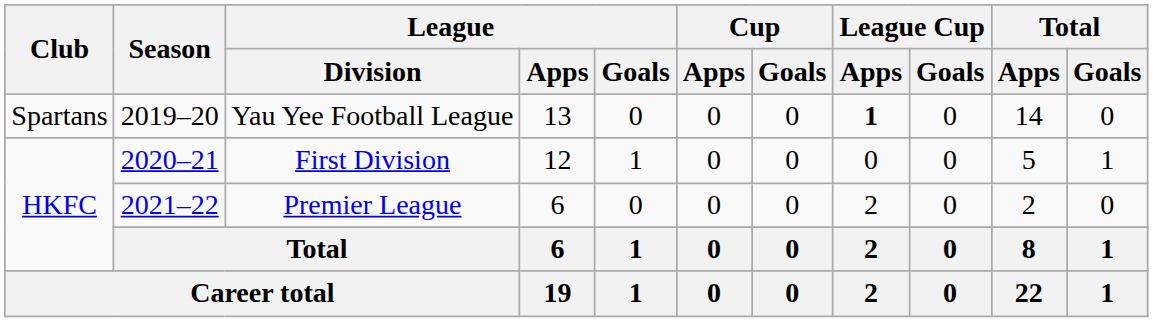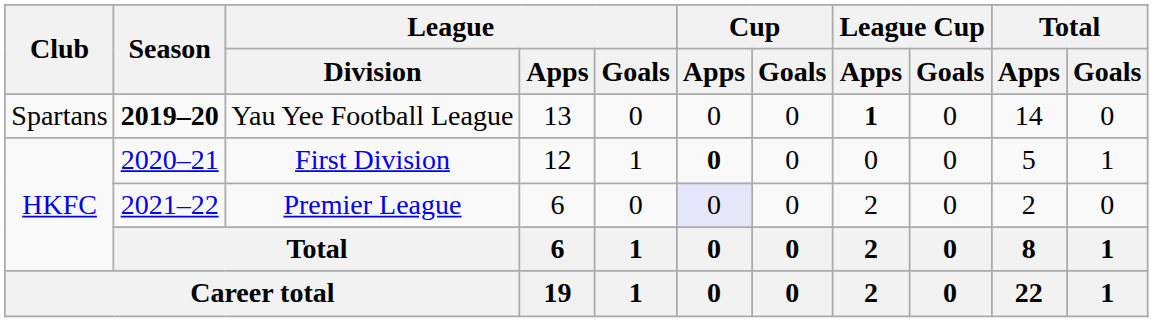 <table class="wikitable" style="text-align: center">
 <tr>
 <th rowspan="2">Club</th>
 <th rowspan="2">Season</th>
 <th colspan="3">League</th>
 <th colspan="2">Cup</th>
 <th colspan="2">League Cup</th>
 <th colspan="2">Total</th>
 </tr>
 <tr>
 <th>Division</th>
 <th>Apps</th>
 <th>Goals</th>
 <th>Apps</th>
 <th>Goals</th>
 <th>Apps</th>
 <th>Goals</th>
 <th>Apps</th>
 <th>Goals</th>
 </tr>
 <tr>
 <td>Spartans</td>
-<td>2019–20</td>
+<td><strong>2019–20</strong></td>
 <td>Yau Yee Football League</td>
 <td>13</td>
 <td>0</td>
 <td>0</td>
 <td>0</td>
 <td><strong>1</strong></td>
 <td>0</td>
 <td>14</td>
 <td>0</td>
 </tr>
 <tr>
 <td rowspan="3"><a href='#'>HKFC</a></td>
 <td><a href='#'>2020–21</a></td>
 <td><a href='#'>First Division</a></td>
 <td>12</td>
 <td>1</td>
-<td>0</td>
+<td><strong>0</strong></td>
 <td>0</td>
 <td>0</td>
 <td>0</td>
 <td>5</td>
 <td>1</td>
 </tr>
 <tr>
 <td><a href='#'>2021–22</a></td>
 <td><a href='#'>Premier League</a></td>
 <td>6</td>
 <td>0</td>
-<td>0</td>
+<td style="background: lavender;">0</td>
 <td>0</td>
 <td>2</td>
 <td>0</td>
 <td>2</td>
 <td>0</td>
 </tr>
 <tr>
 <th colspan="2">Total</th>
 <th>6</th>
 <th>1</th>
 <th>0</th>
 <th>0</th>
 <th>2</th>
 <th>0</th>
 <th>8</th>
 <th>1</th>
 </tr>
 <tr>
 <th colspan="3">Career total</th>
 <th>19</th>
 <th>1</th>
 <th>0</th>
 <th>0</th>
 <th>2</th>
 <th>0</th>
 <th>22</th>
 <th>1</th>
 </tr>
 </table>
